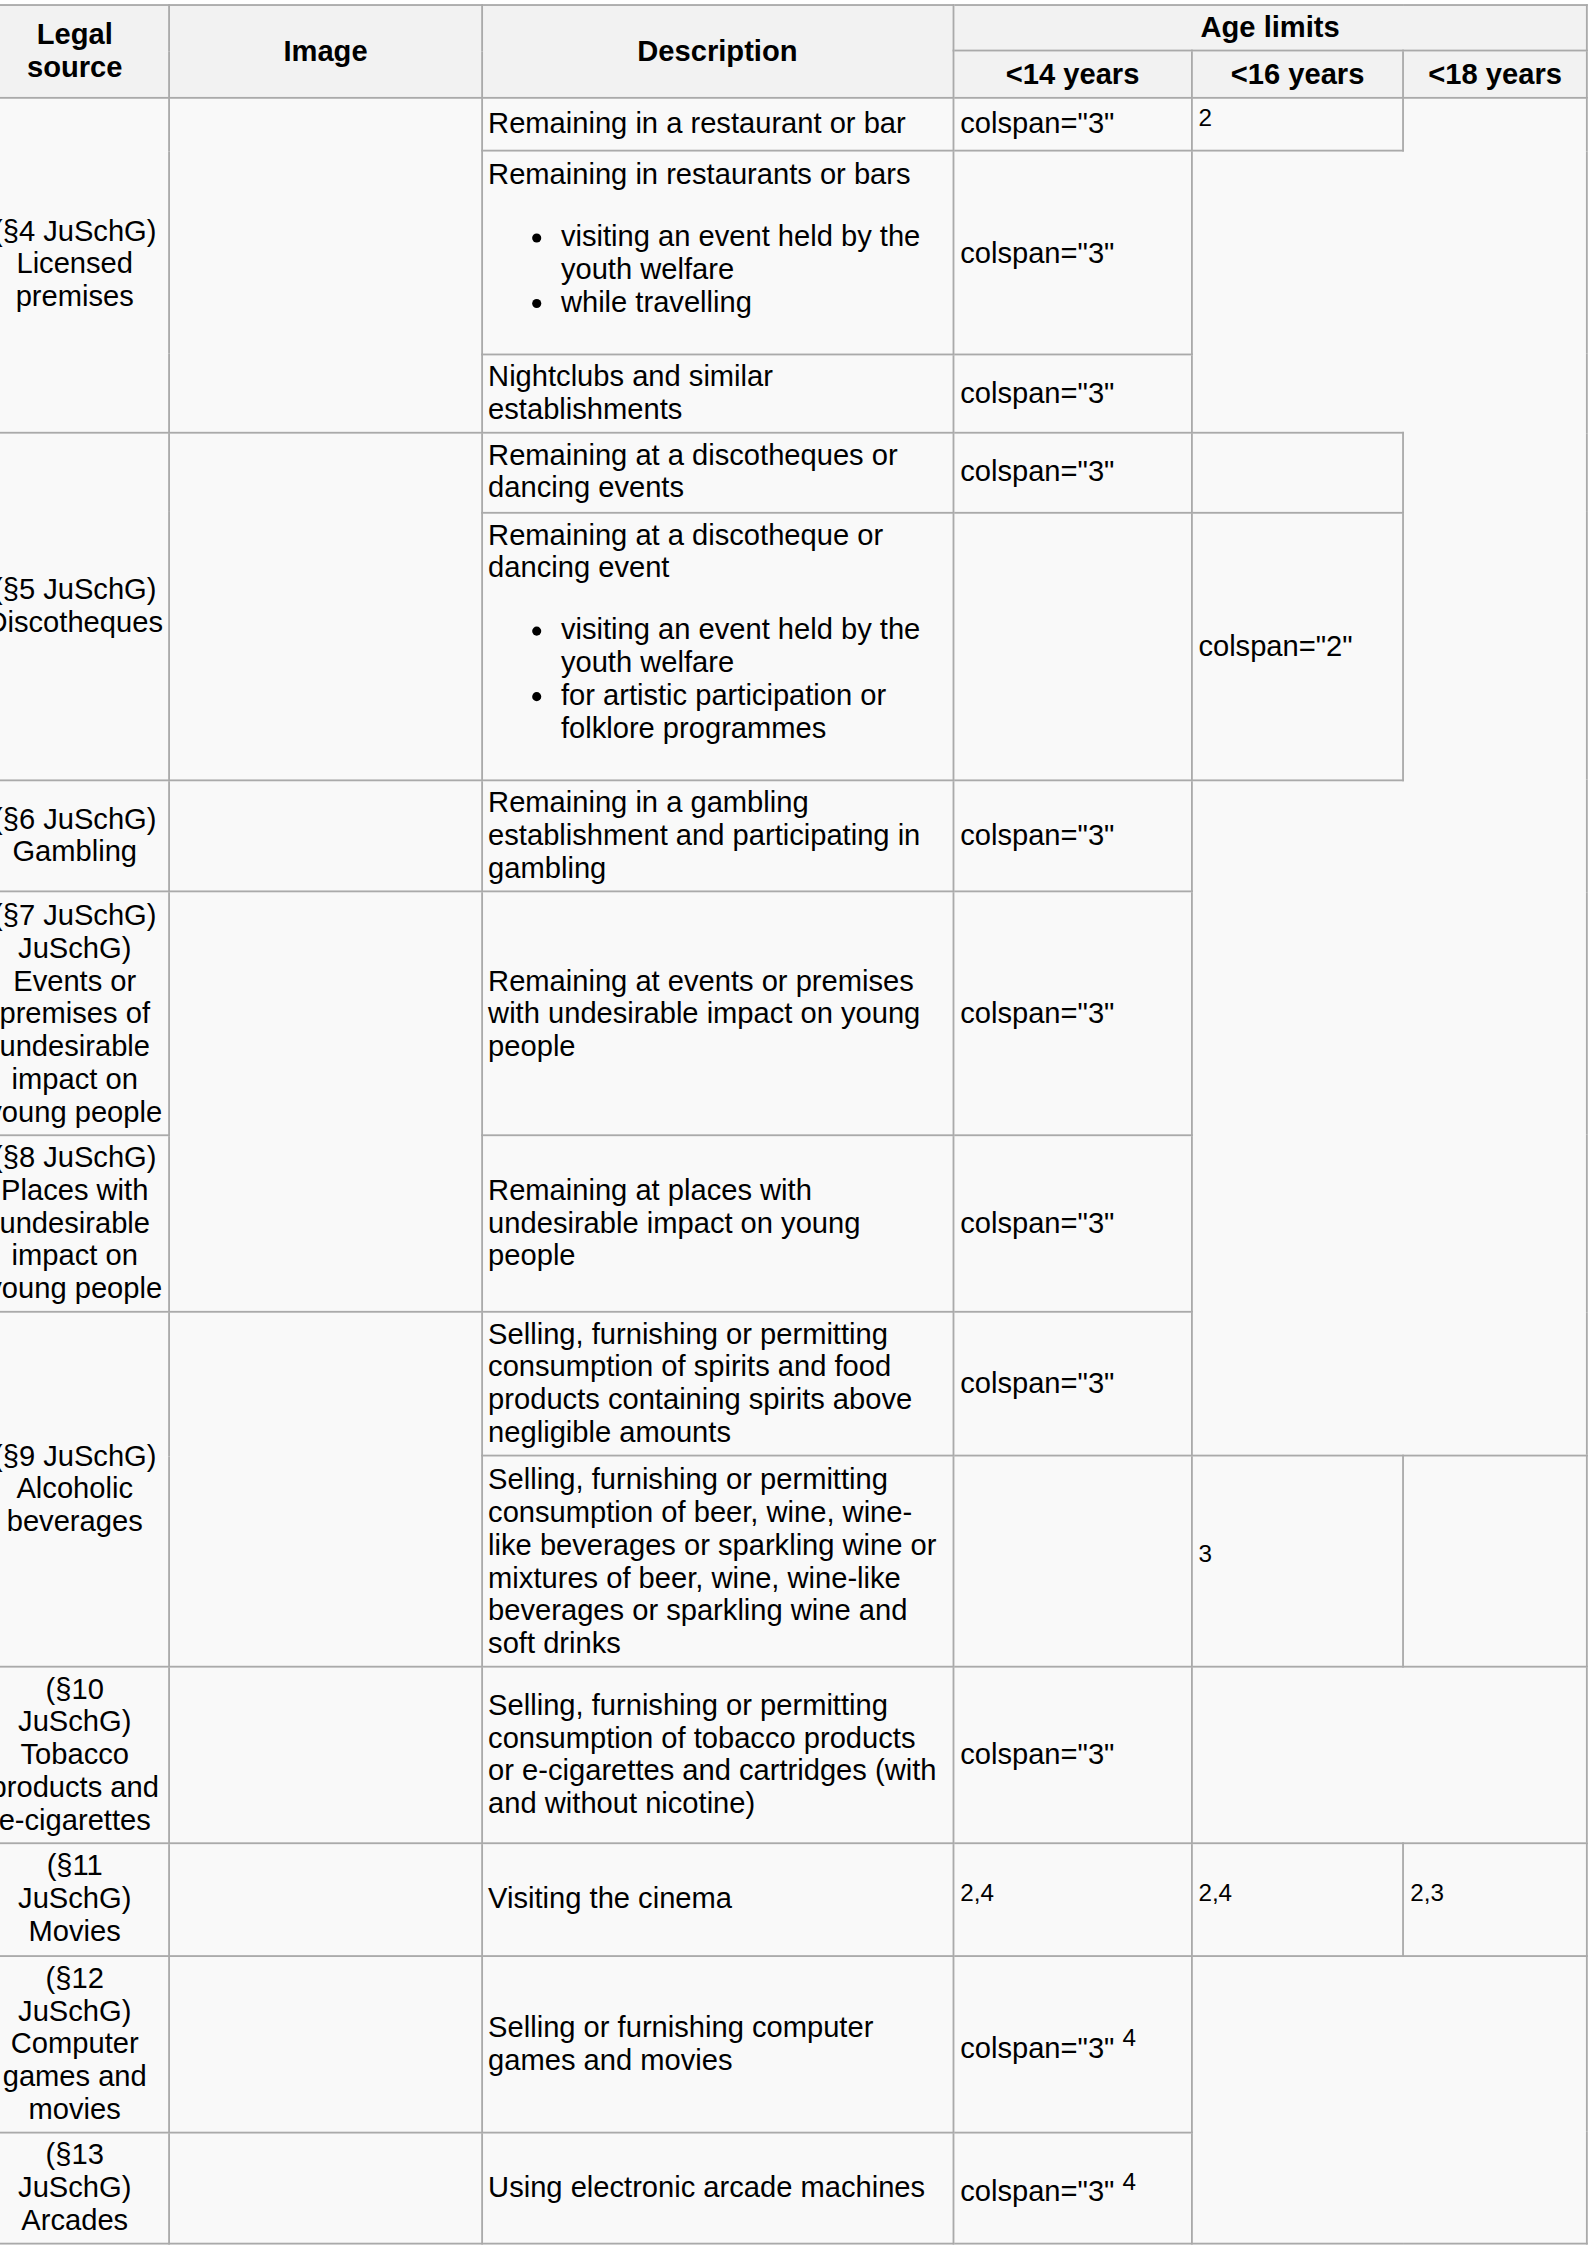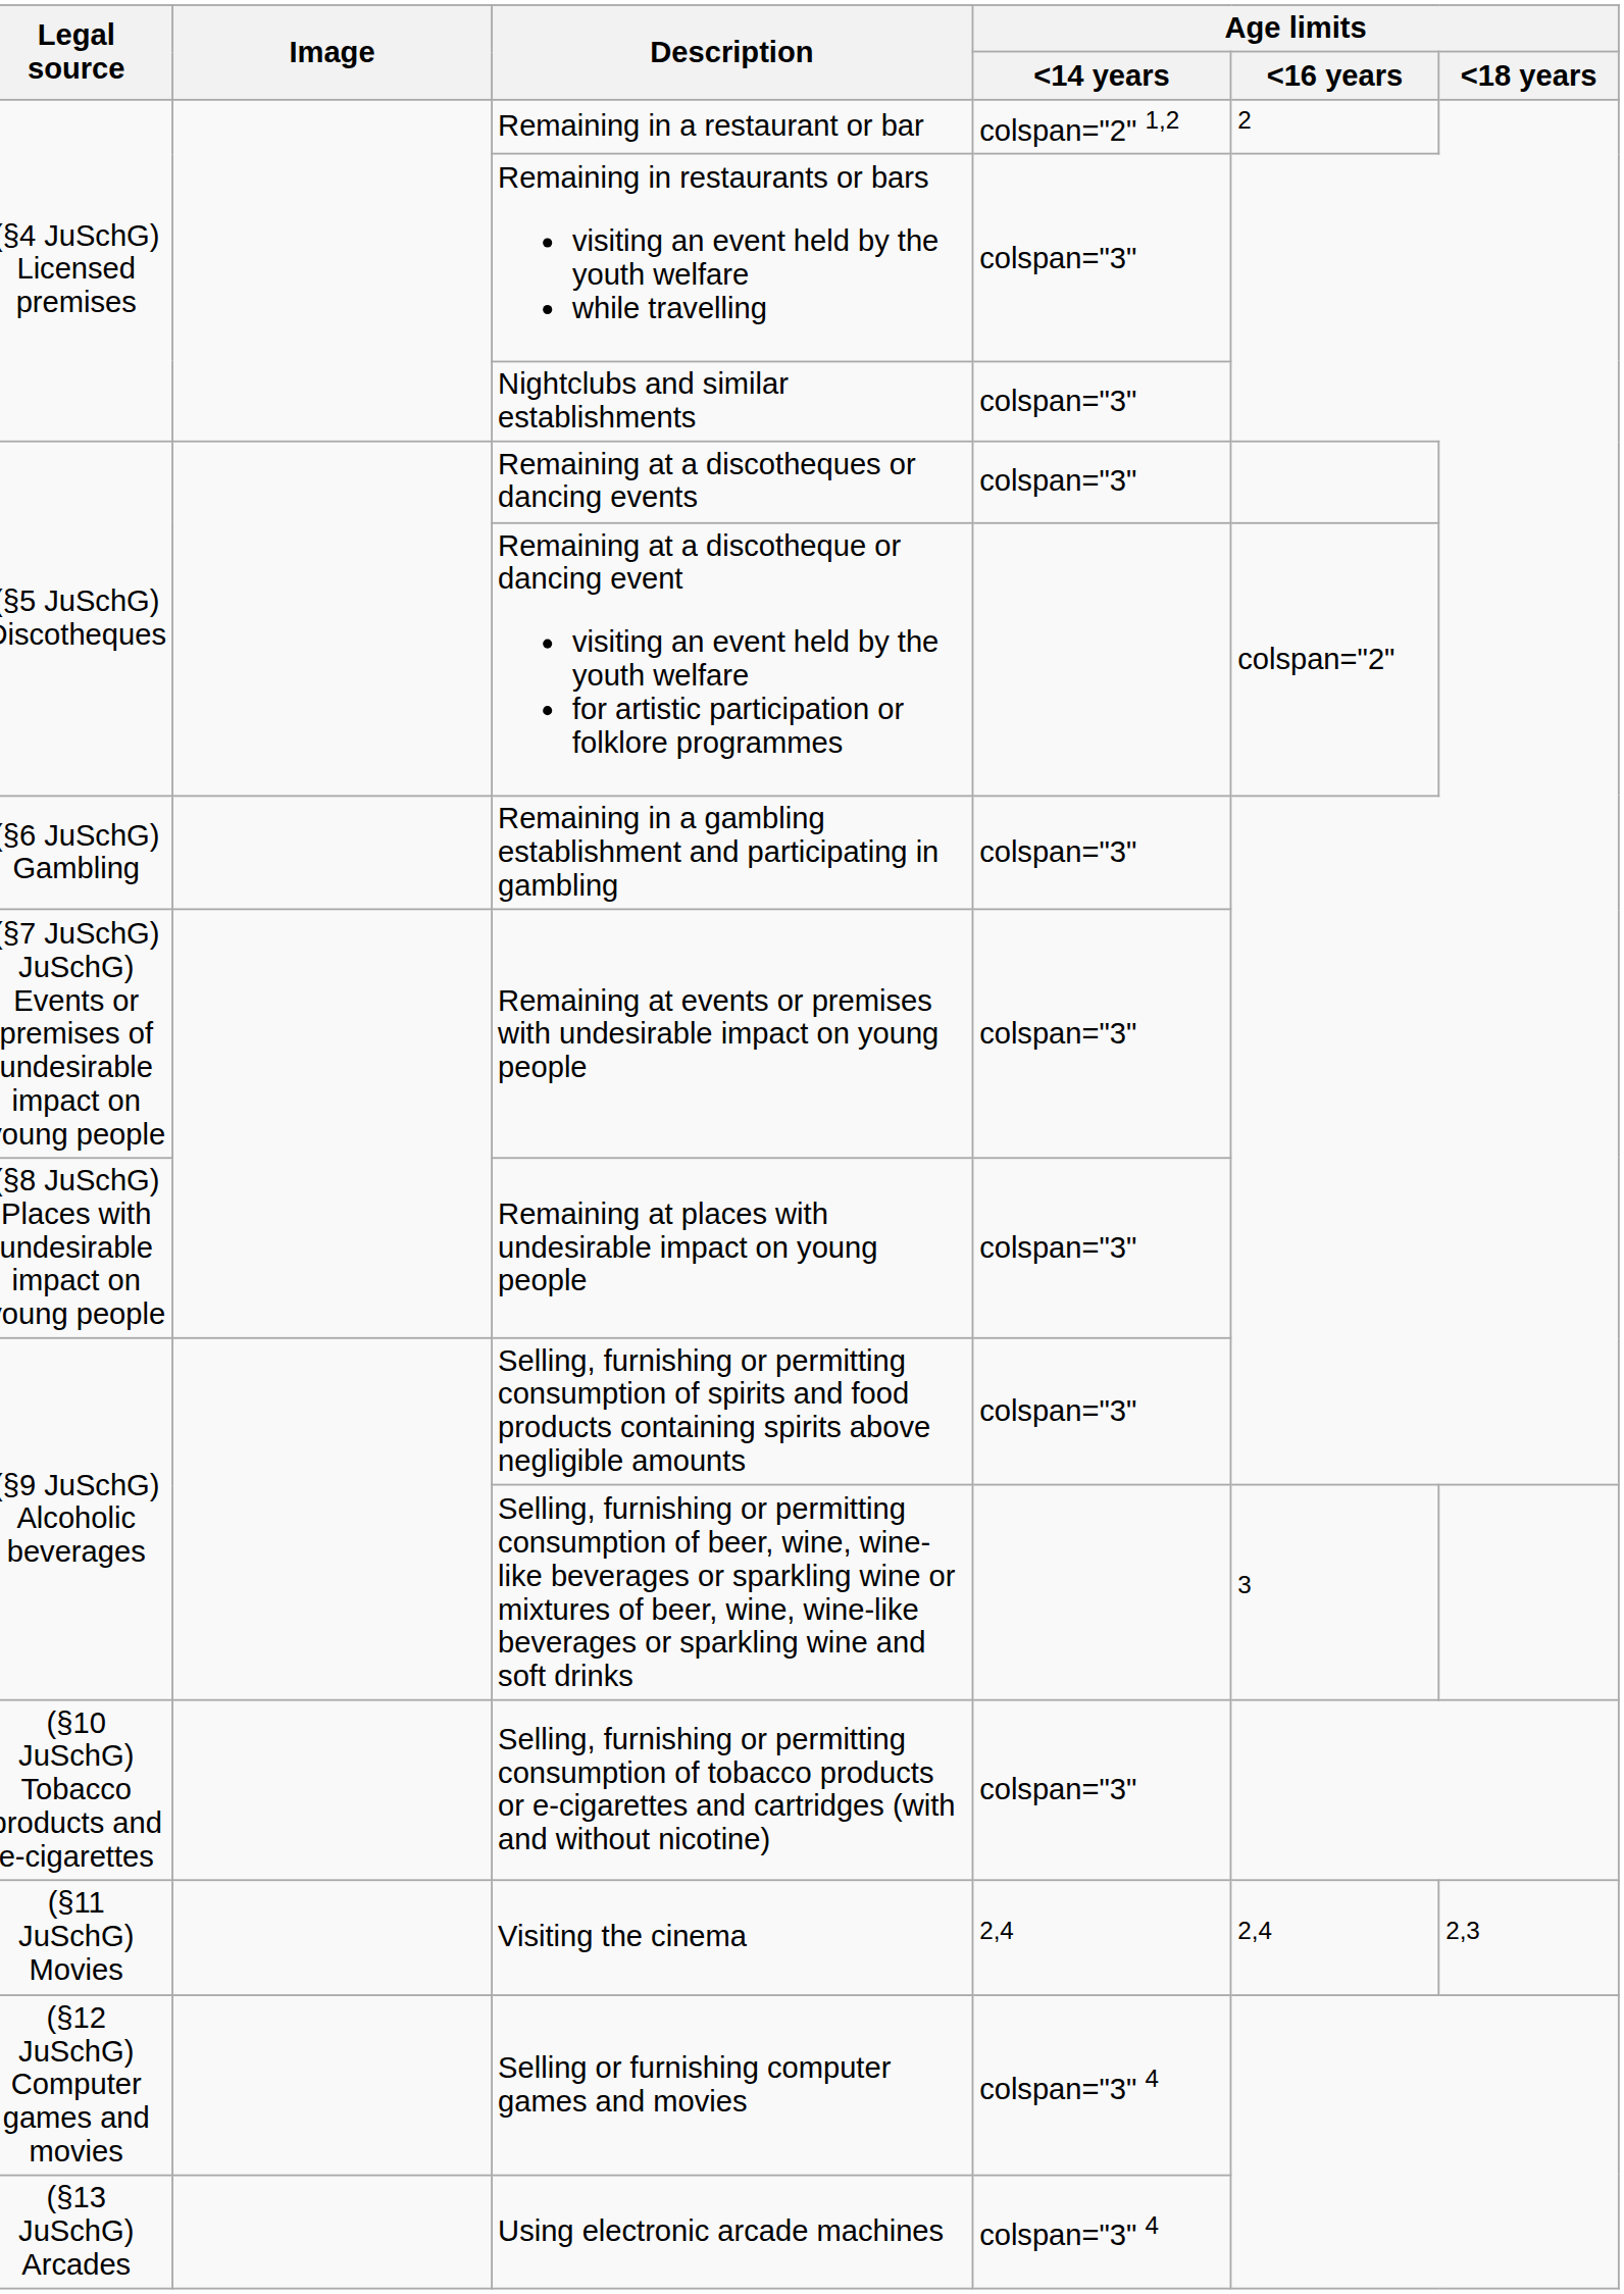 <table class="wikitable" style="float:right;width:100%;margin-right:1em">
 <tr>
 <th rowspan="2" style="width:10%;">Legal source</th>
 <th rowspan="2" style="width:20%;">Image</th>
 <th rowspan="2" style="width:30%;">Description</th>
 <th colspan="3" style="width:40%;">Age limits</th>
 </tr>
 <tr>
 <th><14 years</th>
 <th><16 years</th>
 <th><18 years</th>
 </tr>
 <tr>
 <td rowspan="3" align="center">(§4 JuSchG)<br>Licensed premises</td>
 <td rowspan="3" align="center"></td>
 <td>Remaining in a restaurant or bar</td>
-<td>colspan="3" </td>
+<td>colspan="2" <sup>1,2</sup></td>
 <td><sup>2</sup></td>
 </tr>
 <tr>
 <td>Remaining in restaurants or bars<br><ul><li>visiting an event held by the youth welfare</li><li>while travelling</li></ul></td>
 <td>colspan="3" </td>
 </tr>
 <tr>
 <td>Nightclubs and similar establishments</td>
 <td>colspan="3" </td>
 </tr>
 <tr>
 <td rowspan="2" align="center">(§5 JuSchG)<br>Discotheques</td>
 <td rowspan="2" align="center"></td>
 <td>Remaining at a discotheques or dancing events</td>
 <td>colspan="3" </td>
 <td></td>
 </tr>
 <tr>
 <td>Remaining at a discotheque or dancing event<br><ul><li>visiting an event held by the youth welfare</li><li>for artistic participation or folklore programmes</li></ul></td>
 <td></td>
 <td>colspan="2"  </td>
 </tr>
 <tr>
 <td align="center">(§6 JuSchG)<br>Gambling</td>
 <td align="center"></td>
 <td>Remaining in a gambling establishment and participating in gambling</td>
 <td>colspan="3" </td>
 </tr>
 <tr>
 <td align="center">(§7 JuSchG) JuSchG)<br>Events or premises of undesirable impact on young people</td>
 <td rowspan="2" align="center"></td>
 <td>Remaining at events or premises with undesirable impact on young people</td>
 <td>colspan="3" </td>
 </tr>
 <tr>
 <td align="center">(§8 JuSchG)<br>Places with undesirable impact on young people</td>
 <td>Remaining at places with undesirable impact on young people</td>
 <td>colspan="3" </td>
 </tr>
 <tr>
 <td rowspan="2" align="center">(§9 JuSchG)<br>Alcoholic beverages</td>
 <td rowspan="2" align="center"></td>
 <td>Selling, furnishing or permitting consumption of spirits and food products containing spirits above negligible amounts</td>
 <td>colspan="3" </td>
 </tr>
 <tr>
 <td>Selling, furnishing or permitting consumption of beer, wine, wine-like beverages or sparkling wine or mixtures of beer, wine, wine-like beverages or sparkling wine and soft drinks</td>
 <td></td>
 <td><sup>3</sup></td>
 <td></td>
 </tr>
 <tr>
 <td align="center">(§10 JuSchG)<br>Tobacco products and e-cigarettes</td>
 <td align="center"></td>
 <td>Selling, furnishing or permitting consumption of tobacco products or e-cigarettes and cartridges (with and without nicotine)</td>
 <td>colspan="3" </td>
 </tr>
 <tr>
 <td align="center">(§11 JuSchG)<br>Movies</td>
 <td align="center"></td>
 <td>Visiting the cinema</td>
 <td><sup>2,4</sup></td>
 <td><sup>2,4</sup></td>
 <td><sup>2,3</sup></td>
 </tr>
 <tr>
 <td align="center">(§12 JuSchG)<br>Computer games and movies</td>
 <td align="center"><br></td>
 <td>Selling or furnishing computer games and movies</td>
 <td>colspan="3" <sup>4</sup></td>
 </tr>
 <tr>
 <td align="center">(§13 JuSchG)<br>Arcades</td>
 <td align="center"></td>
 <td>Using electronic arcade machines</td>
 <td>colspan="3" <sup>4</sup></td>
 </tr>
 </table>
